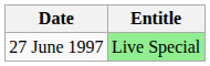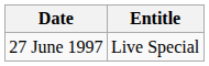 <table class="wikitable" style="text-align:center;">
 <tr>
 <th>Date</th>
 <th>Entitle</th>
 </tr>
 <tr>
 <td>27 June 1997</td>
-<td style="background: lightgreen;">Live Special</td>
+<td>Live Special</td>
 </tr>
 </table>
